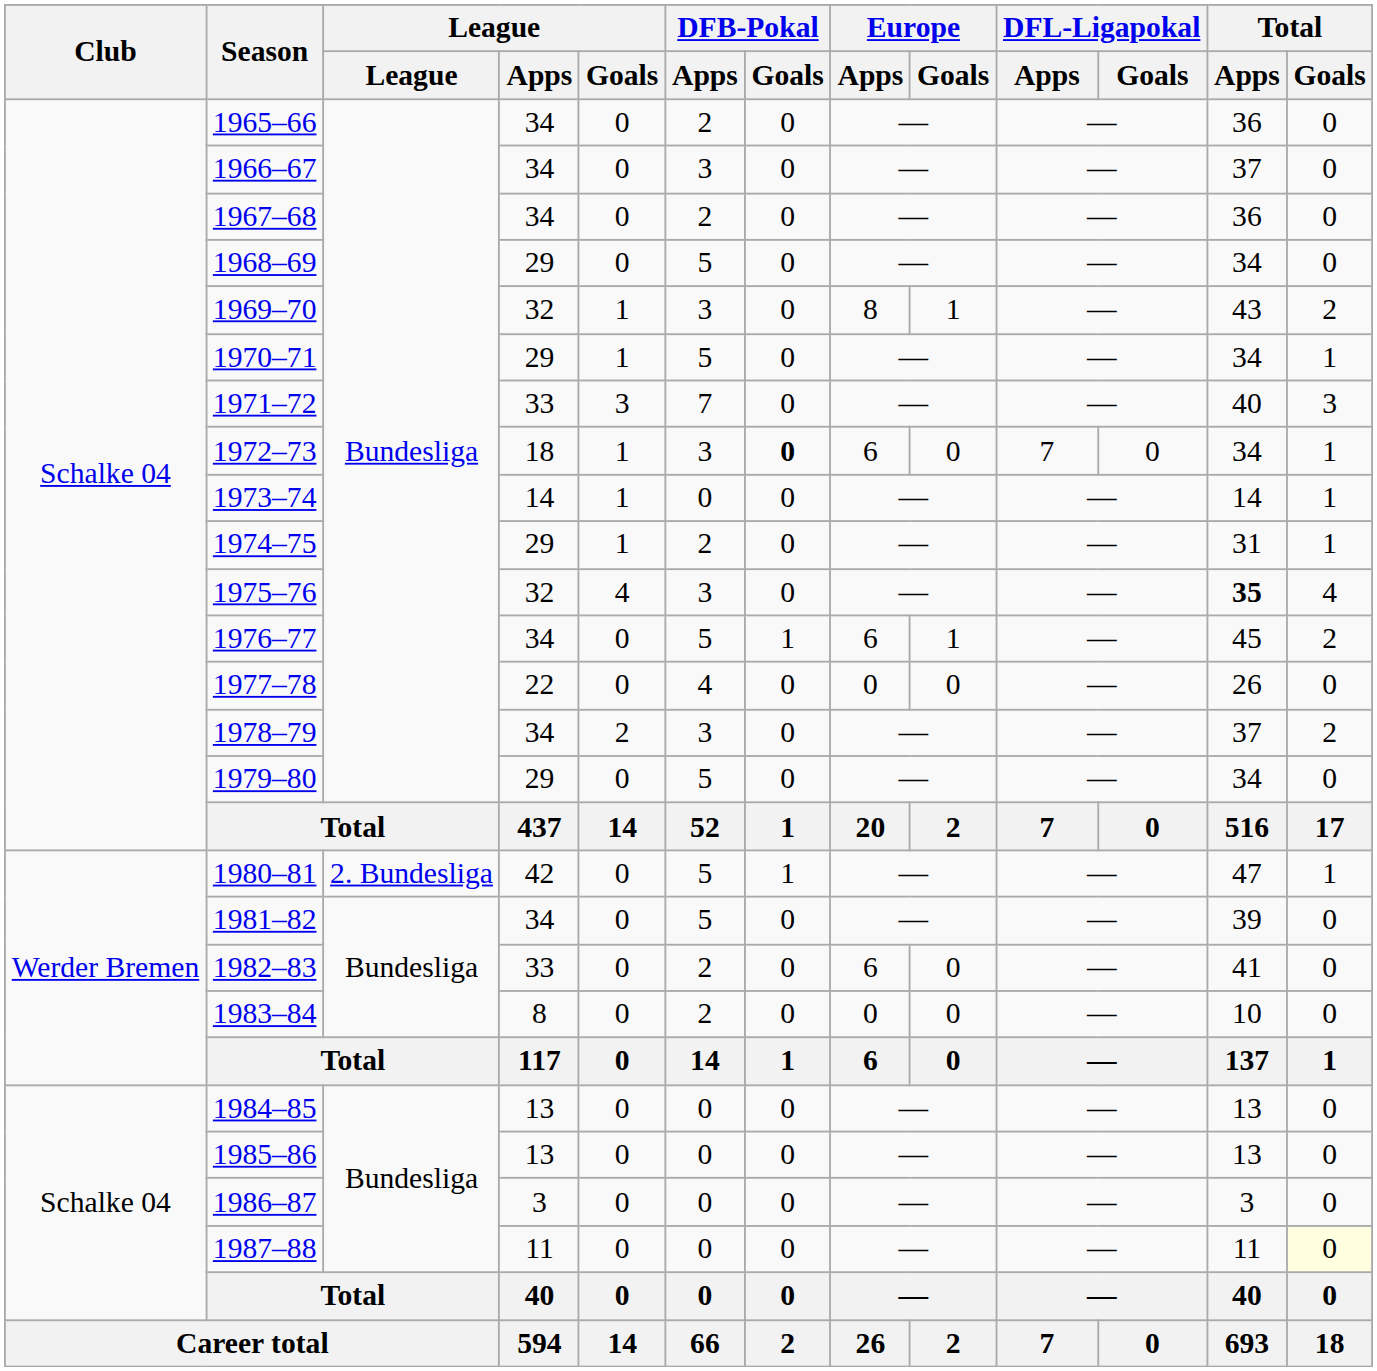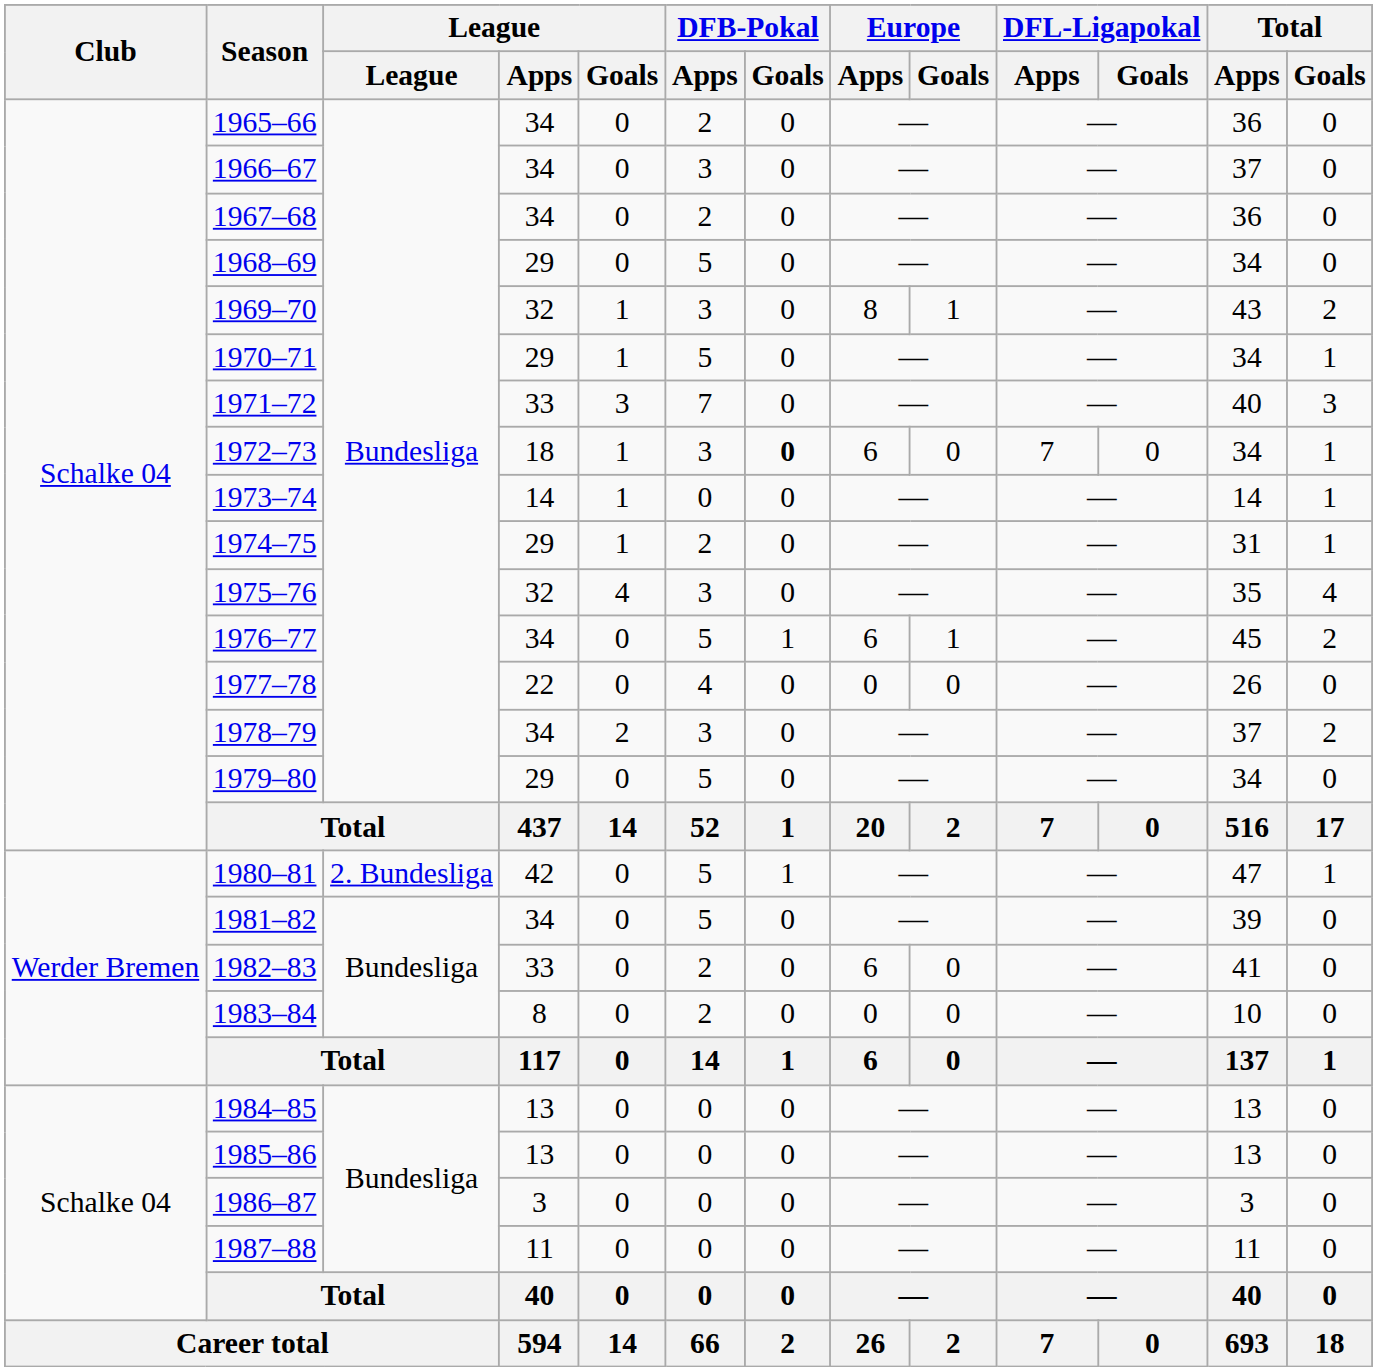 <table class="wikitable" style="text-align:center">
 <tr>
 <th rowspan="2">Club</th>
 <th rowspan="2">Season</th>
 <th colspan="3">League</th>
 <th colspan="2"><a href='#'>DFB-Pokal</a></th>
 <th colspan="2"><a href='#'>Europe</a></th>
 <th colspan="2"><a href='#'>DFL-Ligapokal</a></th>
 <th colspan="2">Total</th>
 </tr>
 <tr>
 <th>League</th>
 <th>Apps</th>
 <th>Goals</th>
 <th>Apps</th>
 <th>Goals</th>
 <th>Apps</th>
 <th>Goals</th>
 <th>Apps</th>
 <th>Goals</th>
 <th>Apps</th>
 <th>Goals</th>
 </tr>
 <tr>
 <td rowspan="16"><a href='#'>Schalke 04</a></td>
 <td><a href='#'>1965–66</a></td>
 <td rowspan="15"><a href='#'>Bundesliga</a></td>
 <td>34</td>
 <td>0</td>
 <td>2</td>
 <td>0</td>
 <td colspan="2">—</td>
 <td colspan="2">—</td>
 <td>36</td>
 <td>0</td>
 </tr>
 <tr>
 <td><a href='#'>1966–67</a></td>
 <td>34</td>
 <td>0</td>
 <td>3</td>
 <td>0</td>
 <td colspan="2">—</td>
 <td colspan="2">—</td>
 <td>37</td>
 <td>0</td>
 </tr>
 <tr>
 <td><a href='#'>1967–68</a></td>
 <td>34</td>
 <td>0</td>
 <td>2</td>
 <td>0</td>
 <td colspan="2">—</td>
 <td colspan="2">—</td>
 <td>36</td>
 <td>0</td>
 </tr>
 <tr>
 <td><a href='#'>1968–69</a></td>
 <td>29</td>
 <td>0</td>
 <td>5</td>
 <td>0</td>
 <td colspan="2">—</td>
 <td colspan="2">—</td>
 <td>34</td>
 <td>0</td>
 </tr>
 <tr>
 <td><a href='#'>1969–70</a></td>
 <td>32</td>
 <td>1</td>
 <td>3</td>
 <td>0</td>
 <td>8</td>
 <td>1</td>
 <td colspan="2">—</td>
 <td>43</td>
 <td>2</td>
 </tr>
 <tr>
 <td><a href='#'>1970–71</a></td>
 <td>29</td>
 <td>1</td>
 <td>5</td>
 <td>0</td>
 <td colspan="2">—</td>
 <td colspan="2">—</td>
 <td>34</td>
 <td>1</td>
 </tr>
 <tr>
 <td><a href='#'>1971–72</a></td>
 <td>33</td>
 <td>3</td>
 <td>7</td>
 <td>0</td>
 <td colspan="2">—</td>
 <td colspan="2">—</td>
 <td>40</td>
 <td>3</td>
 </tr>
 <tr>
 <td><a href='#'>1972–73</a></td>
 <td>18</td>
 <td>1</td>
 <td>3</td>
 <td><strong>0</strong></td>
 <td>6</td>
 <td>0</td>
 <td>7</td>
 <td>0</td>
 <td>34</td>
 <td>1</td>
 </tr>
 <tr>
 <td><a href='#'>1973–74</a></td>
 <td>14</td>
 <td>1</td>
 <td>0</td>
 <td>0</td>
 <td colspan="2">—</td>
 <td colspan="2">—</td>
 <td>14</td>
 <td>1</td>
 </tr>
 <tr>
 <td><a href='#'>1974–75</a></td>
 <td>29</td>
 <td>1</td>
 <td>2</td>
 <td>0</td>
 <td colspan="2">—</td>
 <td colspan="2">—</td>
 <td>31</td>
 <td>1</td>
 </tr>
 <tr>
 <td><a href='#'>1975–76</a></td>
 <td>32</td>
 <td>4</td>
 <td>3</td>
 <td>0</td>
 <td colspan="2">—</td>
 <td colspan="2">—</td>
-<td><strong>35</strong></td>
+<td>35</td>
 <td>4</td>
 </tr>
 <tr>
 <td><a href='#'>1976–77</a></td>
 <td>34</td>
 <td>0</td>
 <td>5</td>
 <td>1</td>
 <td>6</td>
 <td>1</td>
 <td colspan="2">—</td>
 <td>45</td>
 <td>2</td>
 </tr>
 <tr>
 <td><a href='#'>1977–78</a></td>
 <td>22</td>
 <td>0</td>
 <td>4</td>
 <td>0</td>
 <td>0</td>
 <td>0</td>
 <td colspan="2">—</td>
 <td>26</td>
 <td>0</td>
 </tr>
 <tr>
 <td><a href='#'>1978–79</a></td>
 <td>34</td>
 <td>2</td>
 <td>3</td>
 <td>0</td>
 <td colspan="2">—</td>
 <td colspan="2">—</td>
 <td>37</td>
 <td>2</td>
 </tr>
 <tr>
 <td><a href='#'>1979–80</a></td>
 <td>29</td>
 <td>0</td>
 <td>5</td>
 <td>0</td>
 <td colspan="2">—</td>
 <td colspan="2">—</td>
 <td>34</td>
 <td>0</td>
 </tr>
 <tr>
 <th colspan="2">Total</th>
 <th>437</th>
 <th>14</th>
 <th>52</th>
 <th>1</th>
 <th>20</th>
 <th>2</th>
 <th>7</th>
 <th>0</th>
 <th>516</th>
 <th>17</th>
 </tr>
 <tr>
 <td rowspan="5"><a href='#'>Werder Bremen</a></td>
 <td><a href='#'>1980–81</a></td>
 <td><a href='#'>2. Bundesliga</a></td>
 <td>42</td>
 <td>0</td>
 <td>5</td>
 <td>1</td>
 <td colspan="2">—</td>
 <td colspan="2">—</td>
 <td>47</td>
 <td>1</td>
 </tr>
 <tr>
 <td><a href='#'>1981–82</a></td>
 <td rowspan="3">Bundesliga</td>
 <td>34</td>
 <td>0</td>
 <td>5</td>
 <td>0</td>
 <td colspan="2">—</td>
 <td colspan="2">—</td>
 <td>39</td>
 <td>0</td>
 </tr>
 <tr>
 <td><a href='#'>1982–83</a></td>
 <td>33</td>
 <td>0</td>
 <td>2</td>
 <td>0</td>
 <td>6</td>
 <td>0</td>
 <td colspan="2">—</td>
 <td>41</td>
 <td>0</td>
 </tr>
 <tr>
 <td><a href='#'>1983–84</a></td>
 <td>8</td>
 <td>0</td>
 <td>2</td>
 <td>0</td>
 <td>0</td>
 <td>0</td>
 <td colspan="2">—</td>
 <td>10</td>
 <td>0</td>
 </tr>
 <tr>
 <th colspan="2">Total</th>
 <th>117</th>
 <th>0</th>
 <th>14</th>
 <th>1</th>
 <th>6</th>
 <th>0</th>
 <th colspan="2">—</th>
 <th>137</th>
 <th>1</th>
 </tr>
 <tr>
 <td rowspan="5">Schalke 04</td>
 <td><a href='#'>1984–85</a></td>
 <td rowspan="4">Bundesliga</td>
 <td>13</td>
 <td>0</td>
 <td>0</td>
 <td>0</td>
 <td colspan="2">—</td>
 <td colspan="2">—</td>
 <td>13</td>
 <td>0</td>
 </tr>
 <tr>
 <td><a href='#'>1985–86</a></td>
 <td>13</td>
 <td>0</td>
 <td>0</td>
 <td>0</td>
 <td colspan="2">—</td>
 <td colspan="2">—</td>
 <td>13</td>
 <td>0</td>
 </tr>
 <tr>
 <td><a href='#'>1986–87</a></td>
 <td>3</td>
 <td>0</td>
 <td>0</td>
 <td>0</td>
 <td colspan="2">—</td>
 <td colspan="2">—</td>
 <td>3</td>
 <td>0</td>
 </tr>
 <tr>
 <td><a href='#'>1987–88</a></td>
 <td>11</td>
 <td>0</td>
 <td>0</td>
 <td>0</td>
 <td colspan="2">—</td>
 <td colspan="2">—</td>
 <td>11</td>
-<td style="background: lightyellow;">0</td>
+<td>0</td>
 </tr>
 <tr>
 <th colspan="2">Total</th>
 <th>40</th>
 <th>0</th>
 <th>0</th>
 <th>0</th>
 <th colspan="2">—</th>
 <th colspan="2">—</th>
 <th>40</th>
 <th>0</th>
 </tr>
 <tr>
 <th colspan="3">Career total</th>
 <th>594</th>
 <th>14</th>
 <th>66</th>
 <th>2</th>
 <th>26</th>
 <th>2</th>
 <th>7</th>
 <th>0</th>
 <th>693</th>
 <th>18</th>
 </tr>
 </table>
